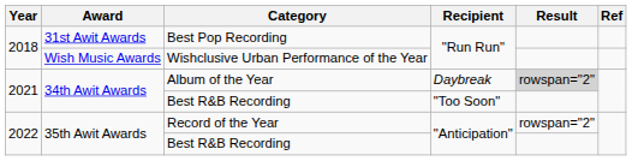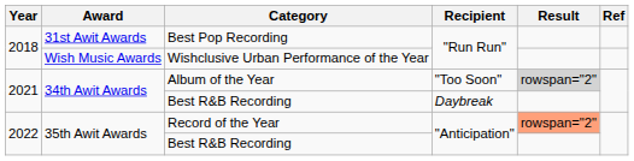 <table class="wikitable">
 <tr>
 <th>Year</th>
 <th>Award</th>
 <th>Category</th>
 <th>Recipient</th>
 <th>Result</th>
 <th>Ref</th>
 </tr>
 <tr>
 <td rowspan="2">2018</td>
 <td><a href='#'>31st Awit Awards</a></td>
 <td>Best Pop Recording</td>
 <td align=center rowspan="2">"Run Run"</td>
 <td></td>
 <td></td>
 </tr>
 <tr>
 <td><a href='#'>Wish Music Awards</a></td>
 <td>Wishclusive Urban Performance of the Year</td>
 <td></td>
 <td></td>
 </tr>
 <tr>
 <td rowspan="2">2021</td>
 <td rowspan="2"><a href='#'>34th Awit Awards</a></td>
 <td>Album of the Year</td>
-<td><em>Daybreak</em></td>
+<td>"Too Soon"</td>
 <td style="background: lightgrey;">rowspan="2" </td>
 <td rowspan="2"></td>
 </tr>
 <tr>
 <td>Best R&B Recording</td>
-<td>"Too Soon"</td>
+<td><em>Daybreak</em></td>
 </tr>
 <tr>
 <td rowspan="2">2022</td>
 <td rowspan="2">35th Awit Awards</td>
 <td>Record of the Year</td>
 <td rowspan="2">"Anticipation"</td>
-<td>rowspan="2" </td>
+<td style="background: lightsalmon;">rowspan="2" </td>
 <td rowspan="2"></td>
 </tr>
 <tr>
 <td>Best R&B Recording</td>
 </tr>
 </table>
